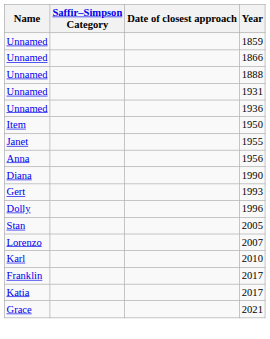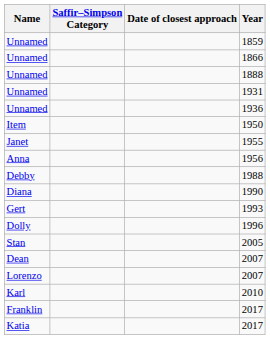 <table class = "wikitable" style="margin:1em auto;">
 <tr>
 <th>Name</th>
 <th><a href='#'>Saffir–Simpson</a><br>Category</th>
 <th>Date of closest approach</th>
 <th>Year</th>
 </tr>
 <tr>
 <td><a href='#'>Unnamed</a></td>
 <td></td>
 <td></td>
 <td>1859</td>
 </tr>
 <tr>
 <td><a href='#'>Unnamed</a></td>
 <td></td>
 <td></td>
 <td>1866</td>
 </tr>
 <tr>
 <td><a href='#'>Unnamed</a></td>
 <td></td>
 <td></td>
 <td>1888</td>
 </tr>
 <tr>
 <td><a href='#'>Unnamed</a></td>
 <td></td>
 <td></td>
 <td>1931</td>
 </tr>
 <tr>
 <td><a href='#'>Unnamed</a></td>
 <td></td>
 <td></td>
 <td>1936</td>
 </tr>
 <tr>
 <td><a href='#'>Item</a></td>
 <td></td>
 <td></td>
 <td>1950</td>
 </tr>
 <tr>
 <td><a href='#'>Janet</a></td>
 <td></td>
 <td></td>
 <td>1955</td>
 </tr>
 <tr>
 <td><a href='#'>Anna</a></td>
 <td></td>
 <td></td>
 <td>1956</td>
 </tr>
 <tr>
+<td><a href='#'>Debby</a></td>
+<td></td>
+<td></td>
+<td>1988</td>
+</tr>
+<tr>
 <td><a href='#'>Diana</a></td>
 <td></td>
 <td></td>
 <td>1990</td>
 </tr>
 <tr>
 <td><a href='#'>Gert</a></td>
 <td></td>
 <td></td>
 <td>1993</td>
 </tr>
 <tr>
 <td><a href='#'>Dolly</a></td>
 <td></td>
 <td></td>
 <td>1996</td>
 </tr>
 <tr>
 <td><a href='#'>Stan</a></td>
 <td></td>
 <td></td>
 <td>2005</td>
+</tr>
+<tr>
+<td><a href='#'>Dean</a></td>
+<td></td>
+<td></td>
+<td>2007</td>
 </tr>
 <tr>
 <td><a href='#'>Lorenzo</a></td>
 <td></td>
 <td></td>
 <td>2007</td>
 </tr>
 <tr>
 <td><a href='#'>Karl</a></td>
 <td></td>
 <td></td>
 <td>2010</td>
 </tr>
 <tr>
 <td><a href='#'>Franklin</a></td>
 <td></td>
 <td></td>
 <td>2017</td>
 </tr>
 <tr>
 <td><a href='#'>Katia</a></td>
 <td></td>
 <td></td>
 <td>2017</td>
 </tr>
-<tr>
-<td><a href='#'>Grace</a></td>
-<td></td>
-<td></td>
-<td>2021</td>
-</tr>
 </table>
